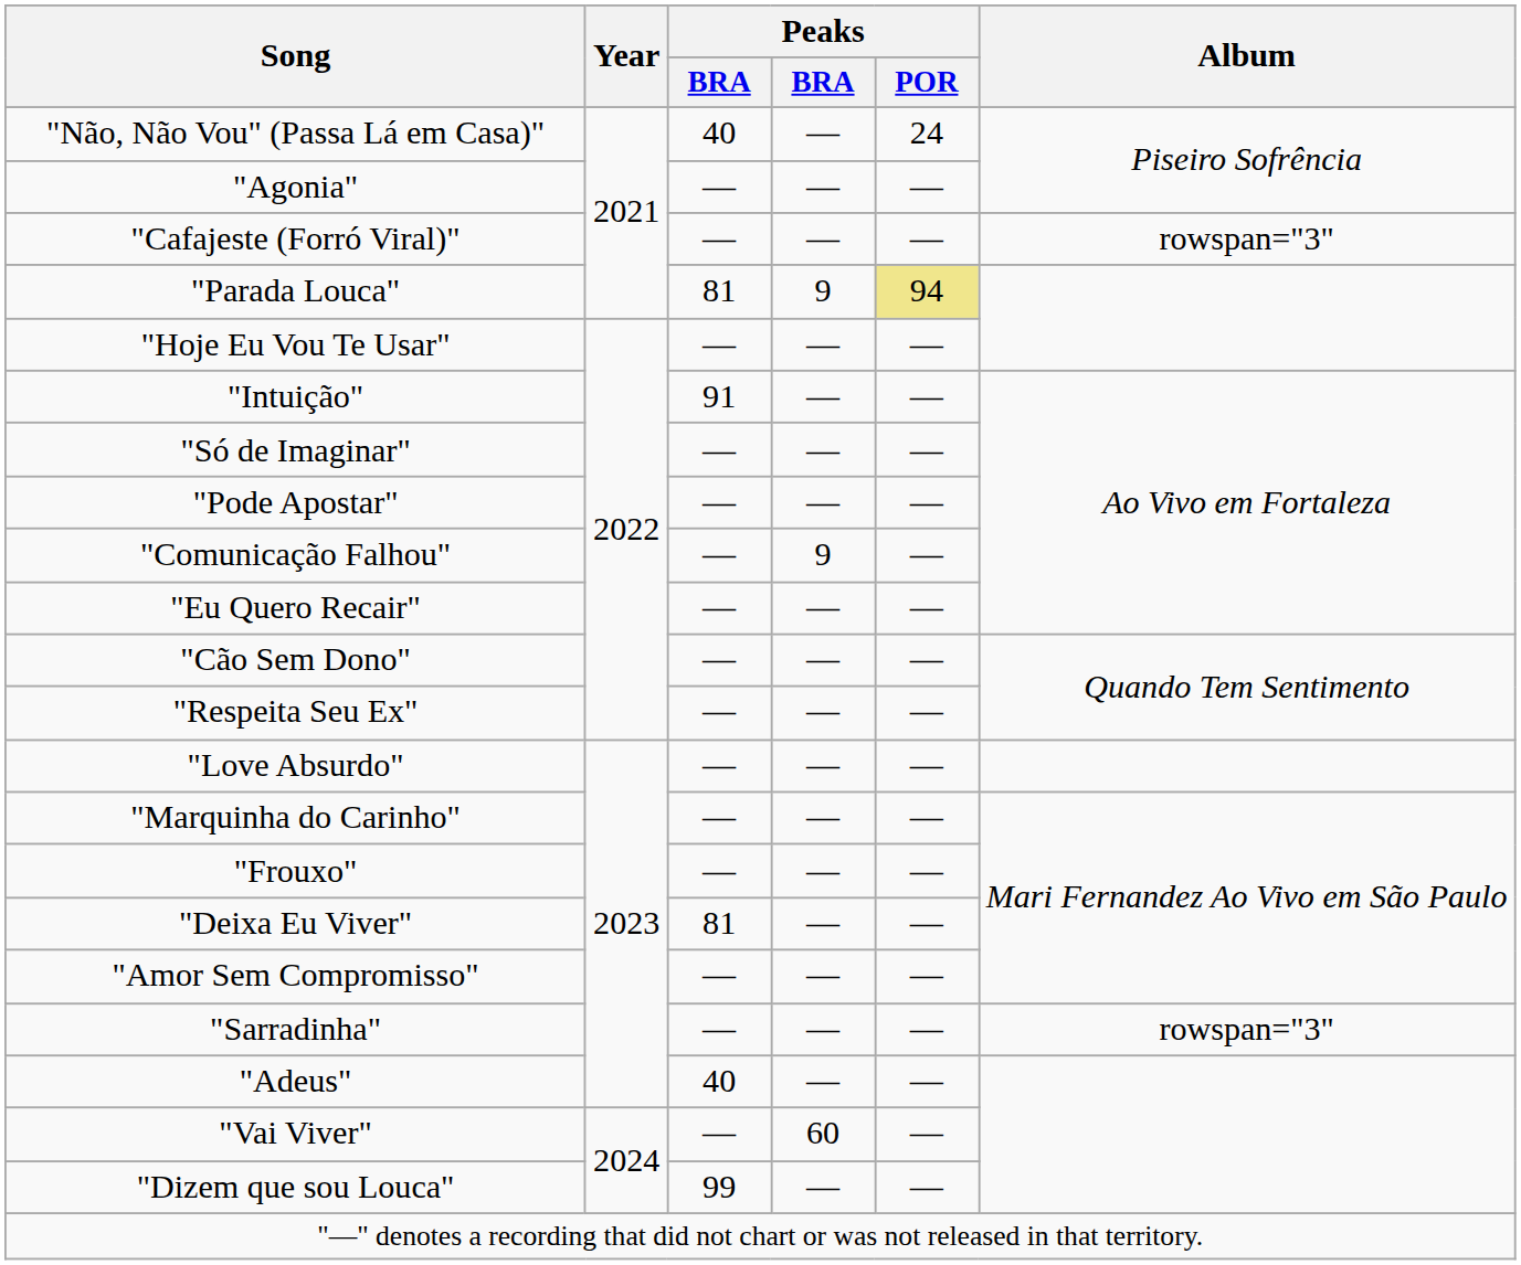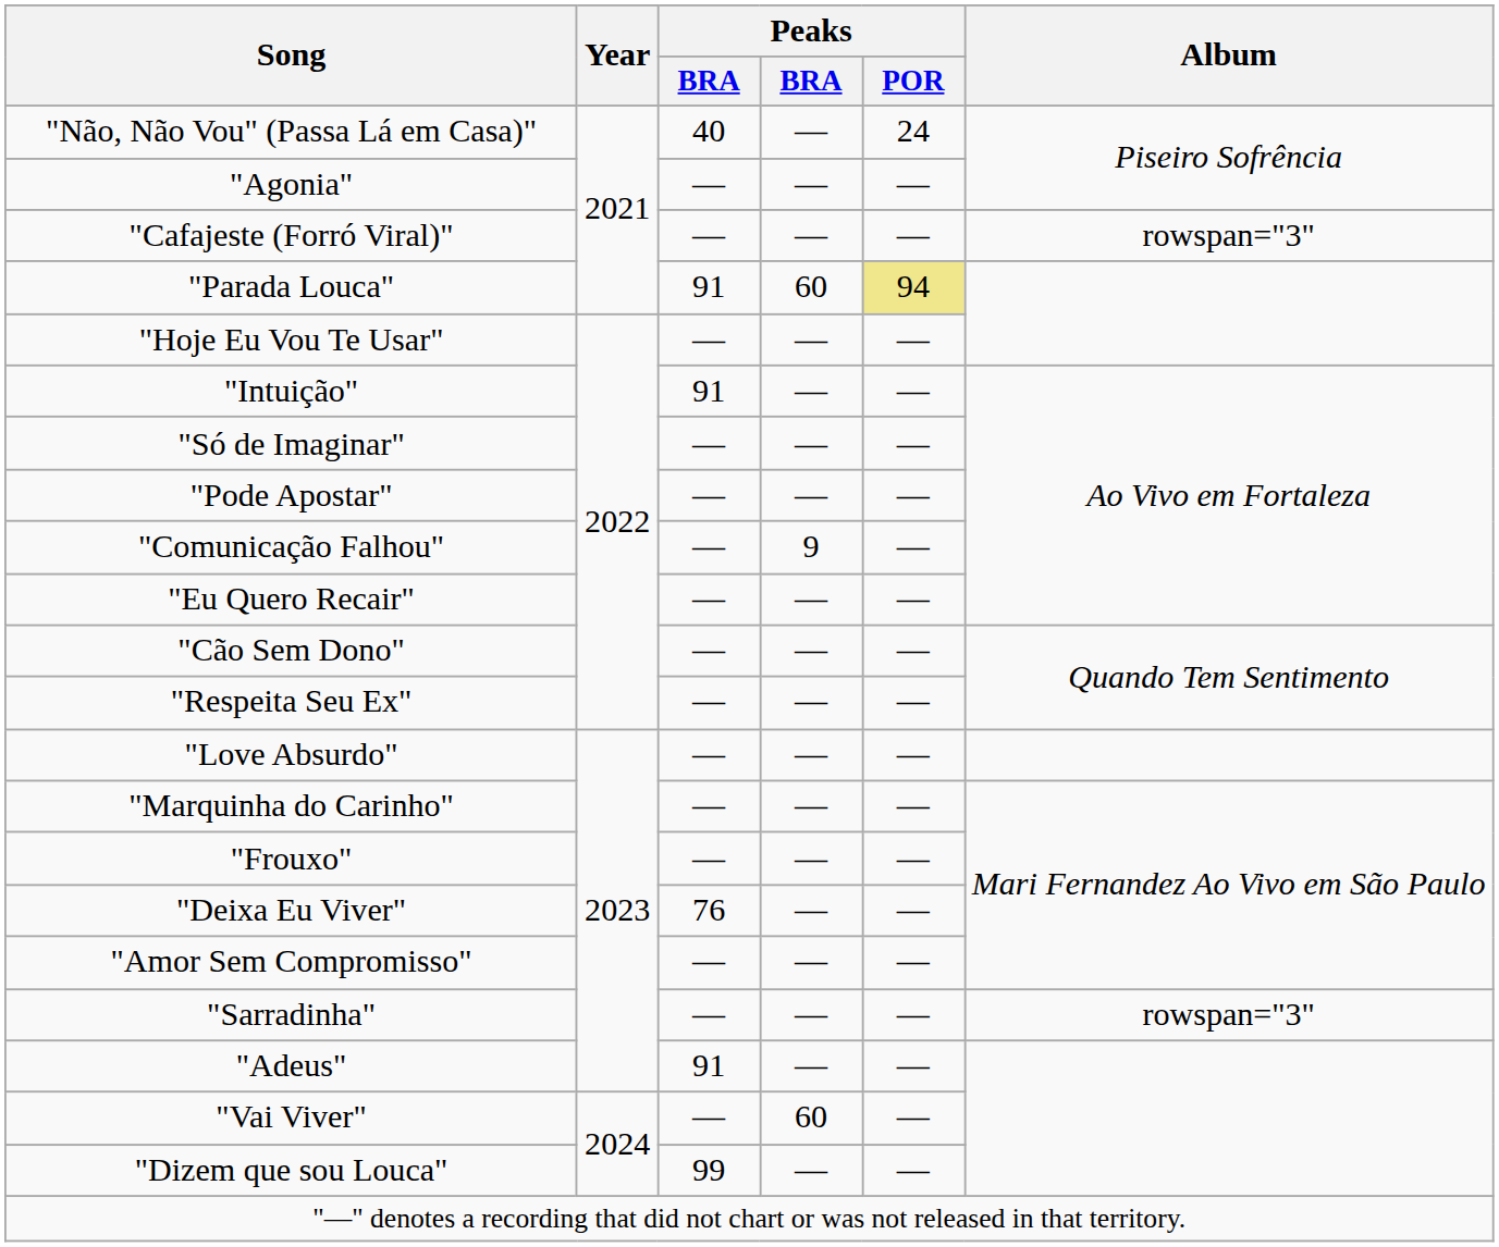 <table class="wikitable plainrowheaders" style="text-align:center;">
 <tr>
 <th rowspan="2" style="width:17em;">Song</th>
 <th rowspan="2" style="width:1em;">Year</th>
 <th colspan="3">Peaks</th>
 <th rowspan="2">Album</th>
 </tr>
 <tr>
 <th scope="col" style="width:3em;font-size:90%;"><a href='#'>BRA</a></th>
 <th scope="col" style="width:3em;font-size:90%;"><a href='#'>BRA<br></a></th>
 <th scope="col" style="width:3em;font-size:90%;"><a href='#'>POR</a></th>
 </tr>
 <tr>
 <td>"Não, Não Vou" (Passa Lá em Casa)"</td>
 <td rowspan="4">2021</td>
 <td>40</td>
 <td>—</td>
 <td>24</td>
 <td rowspan="2"><em>Piseiro Sofrência</em></td>
 </tr>
 <tr>
 <td>"Agonia" </td>
 <td>—</td>
 <td>—</td>
 <td>—</td>
 </tr>
 <tr>
 <td>"Cafajeste (Forró Viral)"</td>
 <td>—</td>
 <td>—</td>
 <td>—</td>
 <td>rowspan="3" </td>
 </tr>
 <tr>
 <td>"Parada Louca" </td>
-<td>81</td>
-<td>9 </td>
+<td>91</td>
+<td>60 </td>
 <td style="background: khaki;">94</td>
 </tr>
 <tr>
 <td>"Hoje Eu Vou Te Usar" </td>
 <td rowspan="8">2022</td>
 <td>—</td>
 <td>—</td>
 <td>—</td>
 </tr>
 <tr>
 <td>"Intuição"</td>
 <td>91</td>
 <td>—</td>
 <td>—</td>
 <td rowspan="5"><em>Ao Vivo em Fortaleza</em></td>
 </tr>
 <tr>
 <td>"Só de Imaginar" </td>
 <td>—</td>
 <td>—</td>
 <td>—</td>
 </tr>
 <tr>
 <td>"Pode Apostar" </td>
 <td>—</td>
 <td>—</td>
 <td>—</td>
 </tr>
 <tr>
 <td>"Comunicação Falhou" </td>
 <td>—</td>
 <td>9 </td>
 <td>—</td>
 </tr>
 <tr>
 <td>"Eu Quero Recair" </td>
 <td>—</td>
 <td>—</td>
 <td>—</td>
 </tr>
 <tr>
 <td>"Cão Sem Dono"</td>
 <td>—</td>
 <td>—</td>
 <td>—</td>
 <td rowspan="2"><em>Quando Tem Sentimento</em></td>
 </tr>
 <tr>
 <td>"Respeita Seu Ex" </td>
 <td>—</td>
 <td>—</td>
 <td>—</td>
 </tr>
 <tr>
 <td>"Love Absurdo" </td>
 <td rowspan="7">2023</td>
 <td>—</td>
 <td>—</td>
 <td>—</td>
 <td></td>
 </tr>
 <tr>
 <td>"Marquinha do Carinho" </td>
 <td>—</td>
 <td>—</td>
 <td>—</td>
 <td rowspan="4"><em>Mari Fernandez Ao Vivo em São Paulo</em></td>
 </tr>
 <tr>
 <td>"Frouxo" </td>
 <td>—</td>
 <td>—</td>
 <td>—</td>
 </tr>
 <tr>
 <td>"Deixa Eu Viver" </td>
-<td>81</td>
+<td>76</td>
 <td>—</td>
 <td>—</td>
 </tr>
 <tr>
 <td>"Amor Sem Compromisso" </td>
 <td>—</td>
 <td>—</td>
 <td>—</td>
 </tr>
 <tr>
 <td>"Sarradinha" </td>
 <td>—</td>
 <td>—</td>
 <td>—</td>
 <td>rowspan="3" </td>
 </tr>
 <tr>
 <td>"Adeus"</td>
-<td>40</td>
+<td>91</td>
 <td>—</td>
 <td>—</td>
 </tr>
 <tr>
 <td>"Vai Viver"</td>
 <td rowspan="2">2024</td>
 <td>—</td>
 <td>60 </td>
 <td>—</td>
 </tr>
 <tr>
 <td>"Dizem que sou Louca"</td>
 <td>99</td>
 <td>—</td>
 <td>—</td>
 </tr>
 <tr>
 <td colspan="8" style="font-size:85%">"—" denotes a recording that did not chart or was not released in that territory.</td>
 </tr>
 </table>
